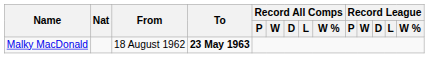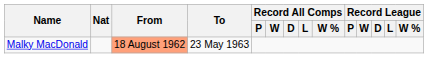 <table style="text-align: center" class="wikitable">
 <tr>
 <th rowspan="2">Name</th>
 <th rowspan="2">Nat</th>
 <th rowspan="2">From</th>
 <th rowspan="2">To</th>
 <th colspan="5">Record All Comps</th>
 <th colspan="5">Record League</th>
 </tr>
 <tr>
 <th>P</th>
 <th>W</th>
 <th>D</th>
 <th>L</th>
 <th>W %</th>
 <th>P</th>
 <th>W</th>
 <th>D</th>
 <th>L</th>
 <th>W %</th>
 </tr>
 <tr>
 <td style="text-align:left;"><a href='#'>Malky MacDonald</a></td>
 <td></td>
-<td style="text-align:left;">18 August 1962</td>
-<td style="text-align:left;"><strong>23 May 1963<br> </strong></td>
+<td style="background: lightsalmon; text-align:left;">18 August 1962</td>
+<td style="text-align:left;">23 May 1963<br> </td>
 </tr>
 </table>
